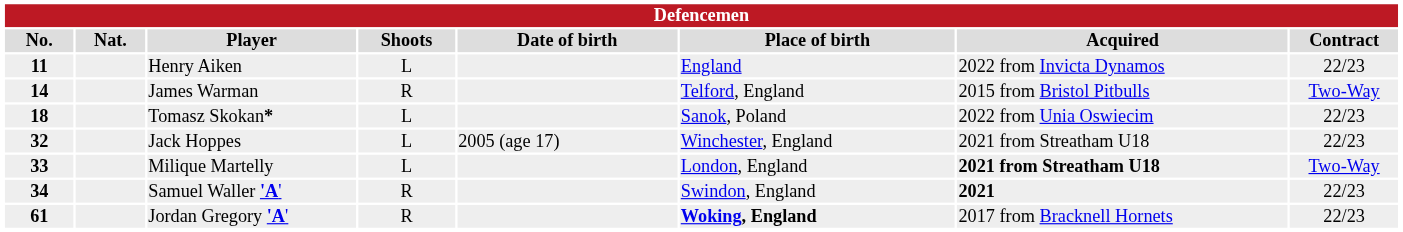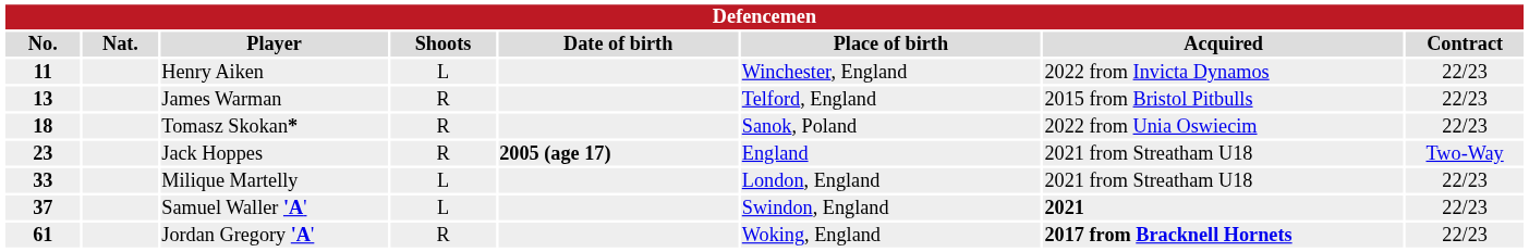 <table class="toccolours"  style="width:97%; clear:both; margin:1.5em auto; text-align:center;">
 <tr style="background:#ddd;">
 <th colspan="11" style="background:#bd1924; color:white;”">Defencemen</th>
 </tr>
 <tr style="background:#ddd;">
 <th width=5%>No.</th>
 <th width=5%>Nat.</th>
 <th !width=22%>Player</th>
 <th width=7%>Shoots</th>
 <th width=16%>Date of birth</th>
 <th width=20%>Place of birth</th>
 <th width=24%>Acquired</th>
 <td><strong>Contract</strong></td>
 </tr>
 <tr style="background:#eee;">
 <td><strong>11</strong></td>
 <td></td>
 <td align=left>Henry Aiken</td>
 <td>L</td>
 <td align=left></td>
-<td align=left><a href='#'>England</a></td>
+<td align=left><a href='#'>Winchester</a>, England</td>
 <td align=left>2022 from <a href='#'>Invicta Dynamos</a></td>
 <td>22/23</td>
 </tr>
 <tr style="background:#eee;">
-<td><strong>14</strong></td>
+<td><strong>13</strong></td>
 <td></td>
 <td align=left>James Warman</td>
 <td>R</td>
 <td align=left></td>
 <td align=left><a href='#'>Telford</a>, England</td>
 <td align=left>2015 from <a href='#'>Bristol Pitbulls</a></td>
-<td><a href='#'>Two-Way</a></td>
+<td>22/23</td>
 </tr>
 <tr style="background:#eee;">
 <td><strong>18</strong></td>
 <td></td>
 <td align=left>Tomasz Skokan<strong>*</strong></td>
-<td>L</td>
+<td>R</td>
 <td align=left></td>
 <td align=left><a href='#'>Sanok</a>, Poland</td>
 <td align=left>2022 from <a href='#'>Unia Oswiecim</a></td>
 <td>22/23</td>
 </tr>
 <tr style="background:#eee;">
-<td><strong>32</strong></td>
+<td><strong>23</strong></td>
 <td></td>
 <td align=left>Jack Hoppes</td>
-<td>L</td>
-<td align=left>2005 (age 17)</td>
-<td align=left><a href='#'>Winchester</a>, England</td>
+<td>R</td>
+<td align=left><strong>2005 (age 17)</strong></td>
+<td align=left><a href='#'>England</a></td>
 <td align=left>2021 from Streatham U18</td>
-<td>22/23</td>
+<td><a href='#'>Two-Way</a></td>
 </tr>
 <tr style="background:#eee;">
 <td><strong>33</strong></td>
 <td></td>
 <td align=left>Milique Martelly</td>
 <td>L</td>
 <td align=left></td>
 <td align=left><a href='#'>London</a>, England</td>
-<td align=left><strong>2021 from Streatham U18</strong></td>
-<td><a href='#'>Two-Way</a></td>
+<td align=left>2021 from Streatham U18</td>
+<td>22/23</td>
 </tr>
 <tr style="background:#eee;">
-<td><strong>34</strong></td>
+<td><strong>37</strong></td>
 <td></td>
 <td align=left>Samuel Waller <a href='#'><strong>'A</strong>'</a></td>
-<td>R</td>
+<td>L</td>
 <td align=left></td>
 <td align=left><a href='#'>Swindon</a>, England</td>
 <td align=left><strong>2021</strong></td>
 <td>22/23</td>
 </tr>
 <tr style="background:#eee;">
 <td><strong>61</strong></td>
 <td></td>
 <td align=left>Jordan Gregory <a href='#'><strong>'A</strong>'</a></td>
 <td>R</td>
 <td align=left></td>
-<td align=left><strong><a href='#'>Woking</a>, England</strong></td>
-<td align=left>2017 from <a href='#'>Bracknell Hornets</a></td>
+<td align=left><a href='#'>Woking</a>, England</td>
+<td align=left><strong>2017 from <a href='#'>Bracknell Hornets</a></strong></td>
 <td>22/23</td>
 </tr>
 </table>
